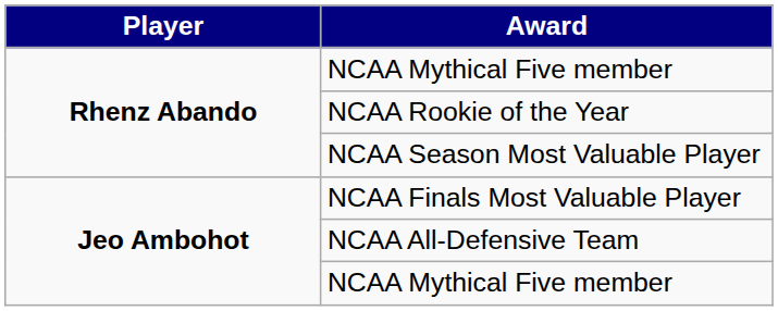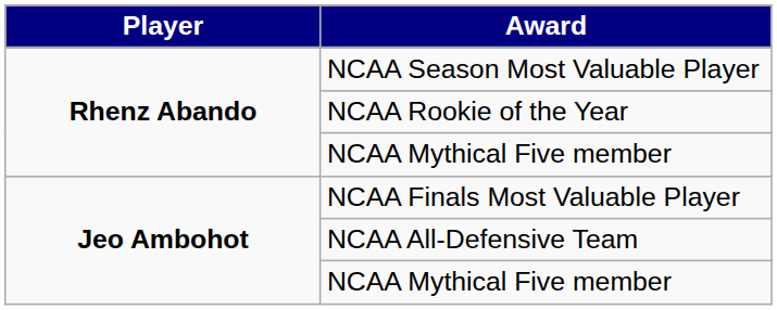 <table class="wikitable" style="text-align: left">
 <tr>
 <th style="color: white; background-color: #020080; width:180px">Player</th>
 <th style="color: white; background-color: #020080; width:260px">Award</th>
 </tr>
 <tr>
 <td rowspan="3" style="text-align:center;"><strong>Rhenz Abando</strong></td>
-<td>NCAA Mythical Five member</td>
+<td>NCAA Season Most Valuable Player</td>
 </tr>
 <tr>
 <td>NCAA Rookie of the Year</td>
 </tr>
 <tr>
-<td>NCAA Season Most Valuable Player</td>
+<td>NCAA Mythical Five member</td>
 </tr>
 <tr>
 <td rowspan="3" style="text-align:center;"><strong>Jeo Ambohot</strong></td>
 <td>NCAA Finals Most Valuable Player</td>
 </tr>
 <tr>
 <td>NCAA All-Defensive Team</td>
 </tr>
 <tr>
 <td>NCAA Mythical Five member</td>
 </tr>
 </table>
